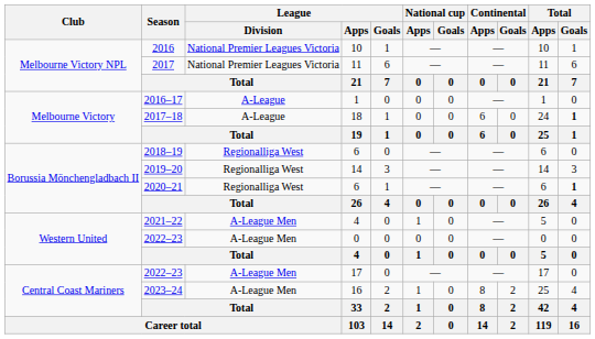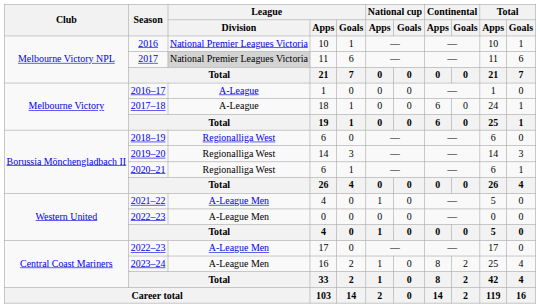 <table class="wikitable" style="text-align:center">
 <tr>
 <th rowspan="2">Club</th>
 <th rowspan="2">Season</th>
 <th colspan="3">League</th>
 <th colspan="2">National cup</th>
 <th colspan="2">Continental</th>
 <th colspan="2">Total</th>
 </tr>
 <tr>
 <th>Division</th>
 <th>Apps</th>
 <th>Goals</th>
 <th>Apps</th>
 <th>Goals</th>
 <th>Apps</th>
 <th>Goals</th>
 <th>Apps</th>
 <th>Goals</th>
 </tr>
 <tr>
 <td rowspan="3"><a href='#'>Melbourne Victory NPL</a></td>
 <td><a href='#'>2016</a></td>
 <td><a href='#'>National Premier Leagues Victoria</a></td>
 <td>10</td>
 <td>1</td>
 <td colspan=2>—</td>
 <td colspan=2>—</td>
 <td>10</td>
 <td>1</td>
 </tr>
 <tr>
 <td><a href='#'>2017</a></td>
-<td>National Premier Leagues Victoria</td>
+<td style="background: lightgrey;">National Premier Leagues Victoria</td>
 <td>11</td>
 <td>6</td>
 <td colspan=2>—</td>
 <td colspan=2>—</td>
 <td>11</td>
 <td>6</td>
 </tr>
 <tr>
 <th colspan=2>Total</th>
 <th>21</th>
 <th>7</th>
 <th>0</th>
 <th>0</th>
 <th>0</th>
 <th>0</th>
 <th>21</th>
 <th>7</th>
 </tr>
 <tr>
 <td rowspan="3"><a href='#'>Melbourne Victory</a></td>
 <td><a href='#'>2016–17</a></td>
 <td><a href='#'>A-League</a></td>
 <td>1</td>
 <td>0</td>
 <td>0</td>
 <td>0</td>
 <td colspan=2>—</td>
 <td>1</td>
 <td>0</td>
 </tr>
 <tr>
 <td><a href='#'>2017–18</a></td>
 <td>A-League</td>
 <td>18</td>
 <td>1</td>
 <td>0</td>
 <td>0</td>
 <td>6</td>
 <td>0</td>
 <td>24</td>
-<td><strong>1</strong></td>
+<td>1</td>
 </tr>
 <tr>
 <th colspan=2>Total</th>
 <th>19</th>
 <th>1</th>
 <th>0</th>
 <th>0</th>
 <th>6</th>
 <th>0</th>
 <th>25</th>
 <th>1</th>
 </tr>
 <tr>
 <td rowspan="4"><a href='#'>Borussia Mönchengladbach II</a></td>
 <td><a href='#'>2018–19</a></td>
 <td><a href='#'>Regionalliga West</a></td>
 <td>6</td>
 <td>0</td>
 <td colspan=2>—</td>
 <td colspan=2>—</td>
 <td>6</td>
 <td>0</td>
 </tr>
 <tr>
 <td><a href='#'>2019–20</a></td>
 <td>Regionalliga West</td>
 <td>14</td>
 <td>3</td>
 <td colspan=2>—</td>
 <td colspan=2>—</td>
 <td>14</td>
 <td>3</td>
 </tr>
 <tr>
 <td><a href='#'>2020–21</a></td>
 <td>Regionalliga West</td>
 <td>6</td>
 <td>1</td>
 <td colspan=2>—</td>
 <td colspan=2>—</td>
 <td>6</td>
-<td><strong>1</strong></td>
+<td>1</td>
 </tr>
 <tr>
 <th colspan=2>Total</th>
 <th>26</th>
 <th>4</th>
 <th>0</th>
 <th>0</th>
 <th>0</th>
 <th>0</th>
 <th>26</th>
 <th>4</th>
 </tr>
 <tr>
 <td rowspan="3"><a href='#'>Western United</a></td>
 <td><a href='#'>2021–22</a></td>
 <td><a href='#'>A-League Men</a></td>
 <td>4</td>
 <td>0</td>
 <td>1</td>
 <td>0</td>
 <td colspan=2>—</td>
 <td>5</td>
 <td>0</td>
 </tr>
 <tr>
 <td><a href='#'>2022–23</a></td>
 <td>A-League Men</td>
 <td>0</td>
 <td>0</td>
 <td>0</td>
 <td>0</td>
 <td colspan=2>—</td>
 <td>0</td>
 <td>0</td>
 </tr>
 <tr>
 <th colspan=2>Total</th>
 <th>4</th>
 <th>0</th>
 <th>1</th>
 <th>0</th>
 <th>0</th>
 <th>0</th>
 <th>5</th>
 <th>0</th>
 </tr>
 <tr>
 <td rowspan="3"><a href='#'>Central Coast Mariners</a></td>
 <td><a href='#'>2022–23</a></td>
 <td><a href='#'>A-League Men</a></td>
 <td>17</td>
 <td>0</td>
 <td colspan=2>—</td>
 <td colspan=2>—</td>
 <td>17</td>
 <td>0</td>
 </tr>
 <tr>
 <td><a href='#'>2023–24</a></td>
 <td>A-League Men</td>
 <td>16</td>
 <td>2</td>
 <td>1</td>
 <td>0</td>
 <td>8</td>
 <td>2</td>
 <td>25</td>
 <td>4</td>
 </tr>
 <tr>
 <th colspan=2>Total</th>
 <th>33</th>
 <th>2</th>
 <th>1</th>
 <th>0</th>
 <th>8</th>
 <th>2</th>
 <th>42</th>
 <th>4</th>
 </tr>
 <tr>
 <th colspan=3>Career total</th>
 <th>103</th>
 <th>14</th>
 <th>2</th>
 <th>0</th>
 <th>14</th>
 <th>2</th>
 <th>119</th>
 <th>16</th>
 </tr>
 </table>
